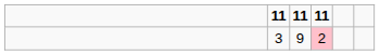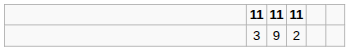 <table class="wikitable">
 <tr>
 <td style="width:18em"><strong></strong></td>
 <td align=center style="width:1em"><strong>11</strong></td>
 <td align=center style="width:1em"><strong>11</strong></td>
 <td align=center style="width:1em"><strong>11</strong></td>
 <td align=center style="width:1em"></td>
 <td align=center style="width:1em"></td>
 </tr>
 <tr>
 <td style="width:18em"></td>
 <td align=center style="width:1em">3</td>
 <td align=center style="width:1em">9</td>
-<td align=center style="background: pink; width:1em">2</td>
+<td align=center style="width:1em">2</td>
 <td align=center style="width:1em"></td>
 <td align=center style="width:1em"></td>
 </tr>
 </table>
